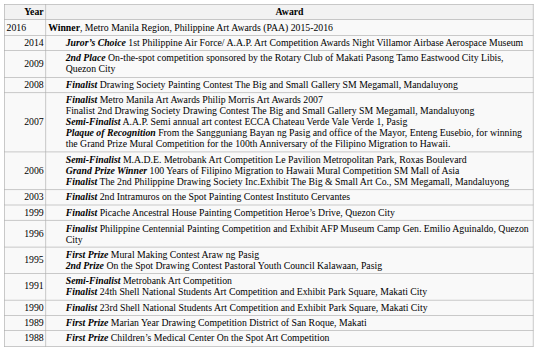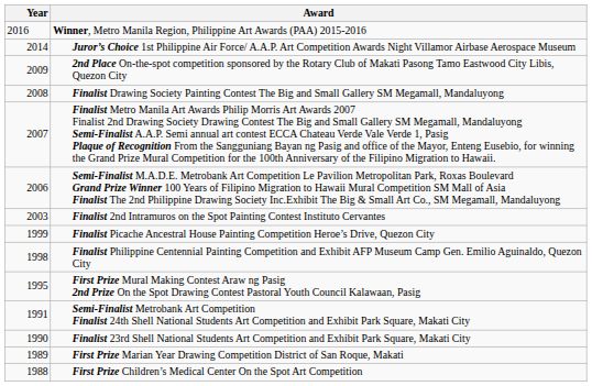 <table class="wikitable">
 <tr>
 <th style="padding-left: 2em">Year</th>
 <th>Award</th>
 </tr>
 <tr>
 <td>2016</td>
 <td><strong>Winner</strong>, Metro Manila Region, Philippine Art Awards (PAA) 2015-2016</td>
 </tr>
 <tr>
 <td style="padding-left: 2em">2014</td>
 <td style="padding-left: 2em"><strong><em>Juror’s Choice</em></strong>     1st Philippine Air Force/ A.A.P. Art Competition Awards Night Villamor Airbase Aerospace Museum</td>
 </tr>
 <tr>
 <td style="padding-left: 2em">2009</td>
 <td style="padding-left: 2em"><strong><em>2nd Place</em></strong>    On-the-spot competition sponsored by the Rotary Club of Makati Pasong Tamo Eastwood City Libis, Quezon City</td>
 </tr>
 <tr>
 <td style="padding-left: 2em">2008</td>
 <td style="padding-left: 2em"><strong><em>Finalist</em></strong> Drawing Society Painting Contest The Big and Small Gallery SM Megamall, Mandaluyong</td>
 </tr>
 <tr>
 <td style="padding-left: 2em">2007</td>
 <td style="padding-left: 2em"><strong><em>Finalist</em></strong> Metro Manila Art Awards Philip Morris Art Awards 2007<br>		Finalist 2nd Drawing Society Drawing Contest The Big and Small Gallery SM Megamall, Mandaluyong<br><strong><em>Semi-Finalist</em></strong> A.A.P. Semi annual art contest ECCA Chateau Verde Vale Verde 1, Pasig<br><strong><em>Plaque of Recognition</em></strong> From the Sangguniang Bayan ng Pasig and office of the Mayor, Enteng Eusebio, for winning the Grand Prize Mural Competition for the 100th Anniversary of the Filipino Migration to Hawaii.</td>
 </tr>
 <tr>
 <td style="padding-left: 2em">2006</td>
 <td style="padding-left: 2em"><strong><em>Semi-Finalist</em></strong> M.A.D.E. Metrobank Art Competition Le Pavilion Metropolitan Park, Roxas Boulevard<br><strong><em>Grand Prize Winner</em></strong> 100 Years of Filipino Migration to Hawaii Mural Competition SM Mall of Asia<br><strong><em>Finalist</em></strong> The 2nd Philippine Drawing Society Inc.Exhibit The Big & Small Art Co., SM Megamall, Mandaluyong</td>
 </tr>
 <tr>
 <td style="padding-left: 2em">2003</td>
 <td style="padding-left: 2em"><strong><em>Finalist</em></strong> 2nd Intramuros on the Spot Painting Contest Instituto Cervantes</td>
 </tr>
 <tr>
 <td style="padding-left: 2em">1999</td>
 <td style="padding-left: 2em"><strong><em>Finalist</em></strong> Picache Ancestral House Painting Competition Heroe’s Drive, Quezon City</td>
 </tr>
 <tr>
-<td style="padding-left: 2em">1996</td>
+<td style="padding-left: 2em">1998</td>
 <td style="padding-left: 2em"><strong><em>Finalist</em></strong> Philippine Centennial Painting Competition and Exhibit AFP Museum Camp Gen. Emilio Aguinaldo, Quezon City</td>
 </tr>
 <tr>
 <td style="padding-left: 2em">1995</td>
 <td style="padding-left: 2em"><strong><em>First Prize</em></strong> Mural Making Contest Araw ng Pasig<br><strong><em>2nd Prize</em></strong> On the Spot Drawing Contest Pastoral Youth Council Kalawaan, Pasig</td>
 </tr>
 <tr>
 <td style="padding-left: 2em">1991</td>
 <td style="padding-left: 2em"><strong><em>Semi-Finalist</em></strong> Metrobank Art Competition<br><strong><em>Finalist</em></strong> 24th Shell National Students Art Competition and Exhibit Park Square, Makati City</td>
 </tr>
 <tr>
 <td style="padding-left: 2em">1990</td>
 <td style="padding-left: 2em"><strong><em>Finalist</em></strong> 23rd Shell National Students Art Competition and Exhibit Park Square, Makati City</td>
 </tr>
 <tr>
 <td style="padding-left: 2em">1989</td>
 <td style="padding-left: 2em"><strong><em>First Prize</em></strong> Marian Year Drawing Competition District of San Roque, Makati</td>
 </tr>
 <tr>
 <td style="padding-left: 2em">1988</td>
 <td style="padding-left: 2em"><strong><em>First Prize</em></strong> Children’s Medical Center On the Spot Art Competition</td>
 </tr>
 </table>
